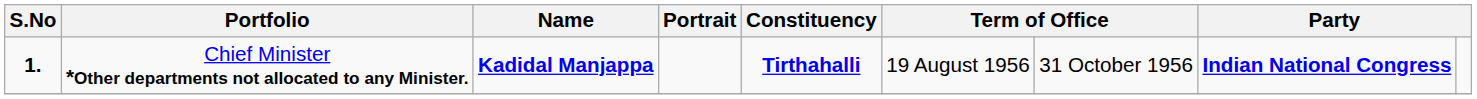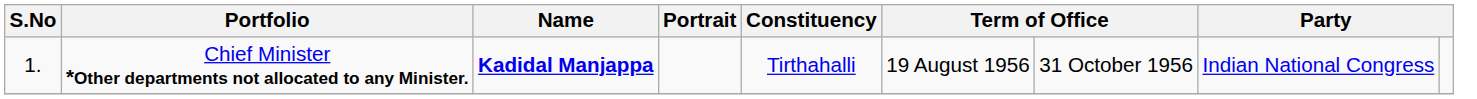 <table class="wikitable sortable" style="text-align:center;">
 <tr>
 <th>S.No</th>
 <th>Portfolio</th>
 <th>Name</th>
 <th>Portrait</th>
 <th>Constituency</th>
 <th colspan="2">Term of Office</th>
 <th colspan="2" scope="col">Party</th>
 </tr>
 <tr>
-<td><strong>1.</strong></td>
+<td>1.</td>
 <td><a href='#'>Chief Minister</a><br><strong>*<small>Other departments not allocated to any Minister.</small></strong></td>
 <td><strong><a href='#'>Kadidal Manjappa</a></strong><br></td>
 <td></td>
-<td><strong><a href='#'>Tirthahalli</a></strong></td>
+<td><a href='#'>Tirthahalli</a></td>
 <td>19 August 1956</td>
 <td>31 October 1956</td>
-<td><strong><a href='#'>Indian National Congress</a></strong></td>
+<td><a href='#'>Indian National Congress</a></td>
 <td width="4px" style="background-color: "></td>
 </tr>
 <tr style="text-align:center">
 </tr>
 </table>
